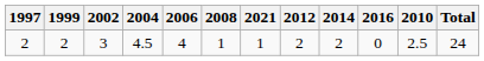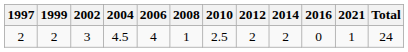 <table class="wikitable" style="text-align:center">
 <tr>
 <th>1997</th>
 <th>1999</th>
 <th>2002</th>
 <th>2004</th>
 <th>2006</th>
 <th>2008</th>
-<th>2021</th>
+<th>2010</th>
 <th>2012</th>
 <th>2014</th>
 <th>2016</th>
-<th>2010</th>
+<th>2021</th>
 <th>Total</th>
 </tr>
 <tr>
 <td>2</td>
 <td>2</td>
 <td>3</td>
 <td>4.5</td>
 <td>4</td>
 <td>1</td>
-<td>1</td>
+<td>2.5</td>
 <td>2</td>
 <td>2</td>
 <td>0</td>
-<td>2.5</td>
+<td>1</td>
 <td 23>24</td>
 </tr>
 </table>
